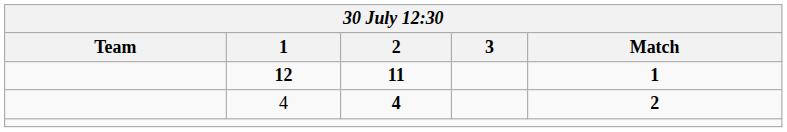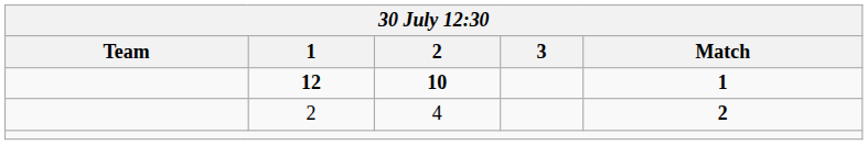 <table class=wikitable style="text-align:center; width: 55%">
 <tr>
 <th colspan=10><em>30 July 12:30</em></th>
 </tr>
 <tr>
 <th>Team</th>
 <th>1</th>
 <th>2</th>
 <th>3</th>
 <th>Match</th>
 </tr>
 <tr>
 <td align=left><strong><br></strong></td>
 <td><strong>12</strong></td>
-<td><strong>11</strong></td>
+<td><strong>10</strong></td>
 <td></td>
 <td><strong>1</strong></td>
 </tr>
 <tr>
 <td align=left><br></td>
+<td>2</td>
 <td>4</td>
-<td><strong>4</strong></td>
 <td></td>
 <td><strong>2</strong></td>
 </tr>
 <tr>
 <td colspan=10></td>
 </tr>
 </table>
